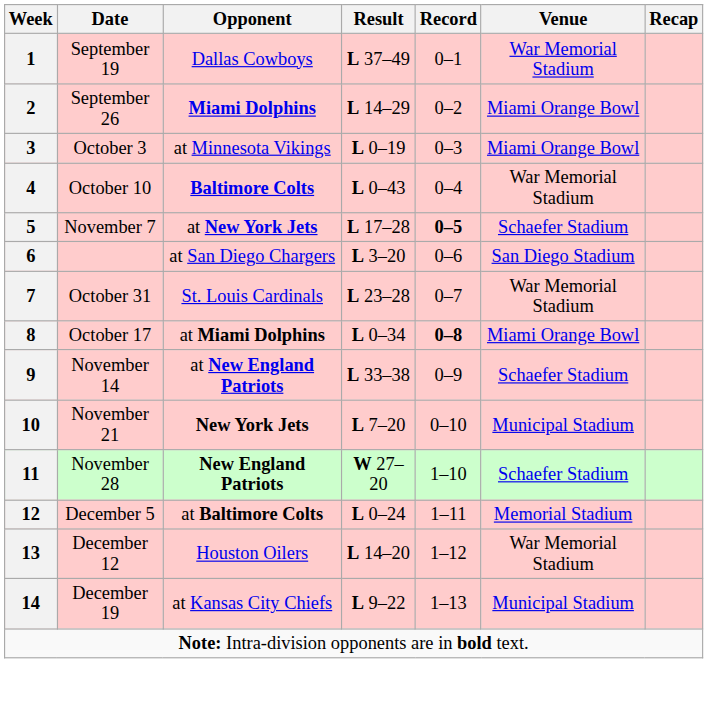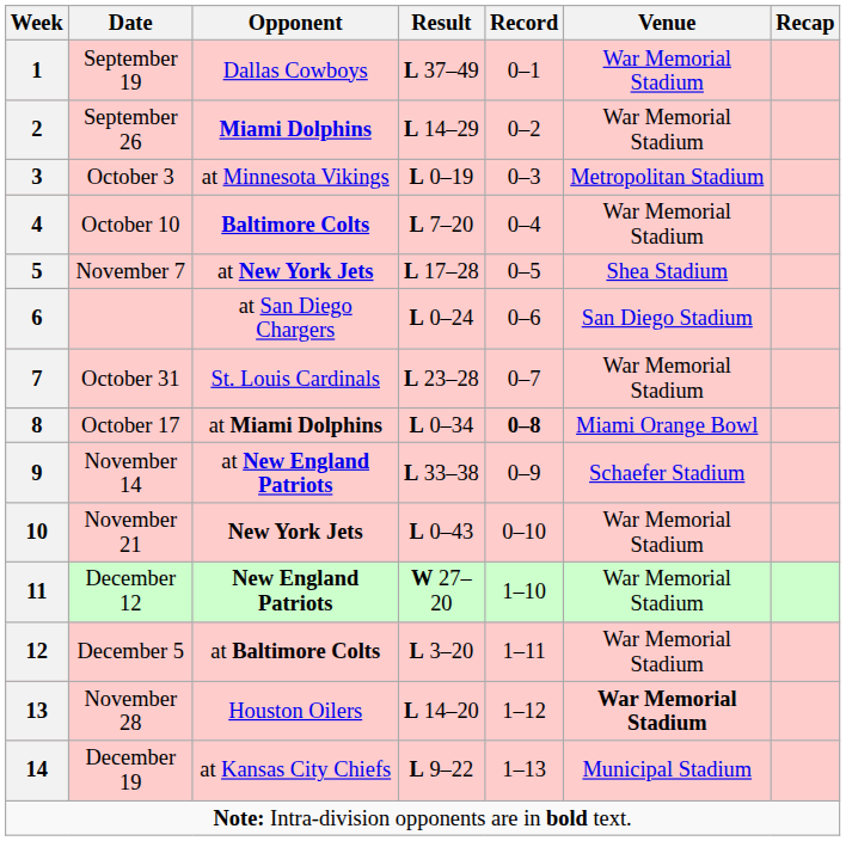 <table class="wikitable" style="text-align:center">
 <tr>
 <th>Week</th>
 <th>Date</th>
 <th>Opponent</th>
 <th>Result</th>
 <th>Record</th>
 <th>Venue</th>
 <th>Recap</th>
 </tr>
 <tr style="background:#fcc">
 <th>1</th>
 <td>September 19</td>
 <td><a href='#'>Dallas Cowboys</a></td>
 <td><strong>L</strong> 37–49</td>
 <td>0–1</td>
 <td><a href='#'>War Memorial Stadium</a></td>
 <td></td>
 </tr>
 <tr style="background:#fcc">
 <th>2</th>
 <td>September 26</td>
 <td><strong><a href='#'>Miami Dolphins</a></strong></td>
 <td><strong>L</strong> 14–29</td>
 <td>0–2</td>
-<td><a href='#'>Miami Orange Bowl</a></td>
+<td>War Memorial Stadium</td>
 <td></td>
 </tr>
 <tr style="background:#fcc">
 <th>3</th>
 <td>October 3</td>
 <td>at <a href='#'>Minnesota Vikings</a></td>
 <td><strong>L</strong> 0–19</td>
 <td>0–3</td>
-<td><a href='#'>Miami Orange Bowl</a></td>
+<td><a href='#'>Metropolitan Stadium</a></td>
 <td></td>
 </tr>
 <tr style="background:#fcc">
 <th>4</th>
 <td>October 10</td>
 <td><strong><a href='#'>Baltimore Colts</a></strong></td>
-<td><strong>L</strong> 0–43</td>
+<td><strong>L</strong> 7–20</td>
 <td>0–4</td>
 <td>War Memorial Stadium</td>
 <td></td>
 </tr>
 <tr style="background:#fcc">
 <th>5</th>
 <td>November 7</td>
 <td>at <strong><a href='#'>New York Jets</a></strong></td>
 <td><strong>L</strong> 17–28</td>
-<td><strong>0–5</strong></td>
-<td><a href='#'>Schaefer Stadium</a></td>
+<td>0–5</td>
+<td><a href='#'>Shea Stadium</a></td>
 <td></td>
 </tr>
 <tr style="background:#fcc">
 <th>6</th>
 <td></td>
 <td>at <a href='#'>San Diego Chargers</a></td>
-<td><strong>L</strong> 3–20</td>
+<td><strong>L</strong> 0–24</td>
 <td>0–6</td>
 <td><a href='#'>San Diego Stadium</a></td>
 <td></td>
 </tr>
 <tr style="background:#fcc">
 <th>7</th>
 <td>October 31</td>
 <td><a href='#'>St. Louis Cardinals</a></td>
 <td><strong>L</strong> 23–28</td>
 <td>0–7</td>
 <td>War Memorial Stadium</td>
 <td></td>
 </tr>
 <tr style="background:#fcc">
 <th>8</th>
 <td>October 17</td>
 <td>at <strong>Miami Dolphins</strong></td>
 <td><strong>L</strong> 0–34</td>
 <td><strong>0–8</strong></td>
 <td><a href='#'>Miami Orange Bowl</a></td>
 <td></td>
 </tr>
 <tr style="background:#fcc">
 <th>9</th>
 <td>November 14</td>
 <td>at <strong><a href='#'>New England Patriots</a></strong></td>
 <td><strong>L</strong> 33–38</td>
 <td>0–9</td>
 <td><a href='#'>Schaefer Stadium</a></td>
 <td></td>
 </tr>
 <tr style="background:#fcc">
 <th>10</th>
 <td>November 21</td>
 <td><strong>New York Jets</strong></td>
-<td><strong>L</strong> 7–20</td>
+<td><strong>L</strong> 0–43</td>
 <td>0–10</td>
-<td><a href='#'>Municipal Stadium</a></td>
+<td>War Memorial Stadium</td>
 <td></td>
 </tr>
 <tr style="background:#cfc">
 <th>11</th>
-<td>November 28</td>
+<td>December 12</td>
 <td><strong>New England Patriots</strong></td>
 <td><strong>W</strong> 27–20</td>
 <td>1–10</td>
-<td><a href='#'>Schaefer Stadium</a></td>
+<td>War Memorial Stadium</td>
 <td></td>
 </tr>
 <tr style="background:#fcc">
 <th>12</th>
 <td>December 5</td>
 <td>at <strong>Baltimore Colts</strong></td>
-<td><strong>L</strong> 0–24</td>
+<td><strong>L</strong> 3–20</td>
 <td>1–11</td>
-<td><a href='#'>Memorial Stadium</a></td>
+<td>War Memorial Stadium</td>
 <td></td>
 </tr>
 <tr style="background:#fcc">
 <th>13</th>
-<td>December 12</td>
+<td>November 28</td>
 <td><a href='#'>Houston Oilers</a></td>
 <td><strong>L</strong> 14–20</td>
 <td>1–12</td>
-<td>War Memorial Stadium</td>
+<td><strong>War Memorial Stadium</strong></td>
 <td></td>
 </tr>
 <tr style="background:#fcc">
 <th>14</th>
 <td>December 19</td>
 <td>at <a href='#'>Kansas City Chiefs</a></td>
 <td><strong>L</strong> 9–22</td>
 <td>1–13</td>
 <td><a href='#'>Municipal Stadium</a></td>
 <td></td>
 </tr>
 <tr>
 <td colspan="8"><strong>Note:</strong> Intra-division opponents are in <strong>bold</strong> text.</td>
 </tr>
 </table>
